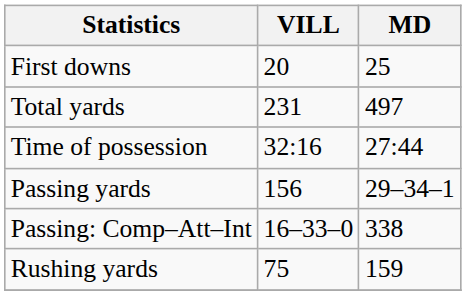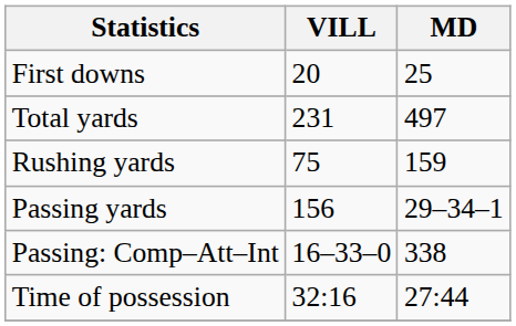 <table class="wikitable" style="float: left;">
 <tr>
 <th>Statistics</th>
 <th>VILL</th>
 <th>MD</th>
 </tr>
 <tr>
 <td>First downs</td>
 <td>20</td>
 <td>25</td>
 </tr>
 <tr>
 <td>Total yards</td>
 <td>231</td>
 <td>497</td>
 </tr>
 <tr>
-<td>Time of possession</td>
-<td>32:16</td>
-<td>27:44</td>
+<td>Rushing yards</td>
+<td>75</td>
+<td>159</td>
 </tr>
 <tr>
 <td>Passing yards</td>
 <td>156</td>
 <td>29–34–1</td>
 </tr>
 <tr>
 <td>Passing: Comp–Att–Int</td>
 <td>16–33–0</td>
 <td>338</td>
 </tr>
 <tr>
-<td>Rushing yards</td>
-<td>75</td>
-<td>159</td>
+<td>Time of possession</td>
+<td>32:16</td>
+<td>27:44</td>
 </tr>
 <tr>
 </tr>
 </table>
